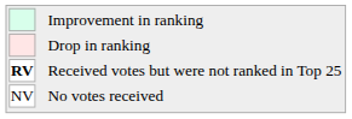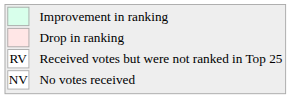 <table align="right" style="font-size:90%; border:1px solid #aaaaaa; white-space:nowrap; background:#eeeeee;">
 <tr>
 <td style="background:#d8ffeb; width:20px; border:1px solid #aaaaaa;"> </td>
 <td rowspan="5"> </td>
 <td>Improvement in ranking</td>
 </tr>
 <tr>
 <td style="background:#ffe6e6; width:20px; border:1px solid #aaaaaa;"> </td>
 <td>Drop in ranking</td>
 </tr>
 <tr>
-<td align="center" style="width:20px; border:1px solid #aaaaaa; background:white;"><strong>RV</strong></td>
+<td align="center" style="width:20px; border:1px solid #aaaaaa; background:white;">RV</td>
 <td>Received votes but were not ranked in Top 25</td>
 </tr>
 <tr>
 <td align="center" style="width:20px; border:1px solid #aaaaaa; background:white;">NV</td>
 <td>No votes received</td>
 </tr>
 <tr>
 </tr>
 </table>
